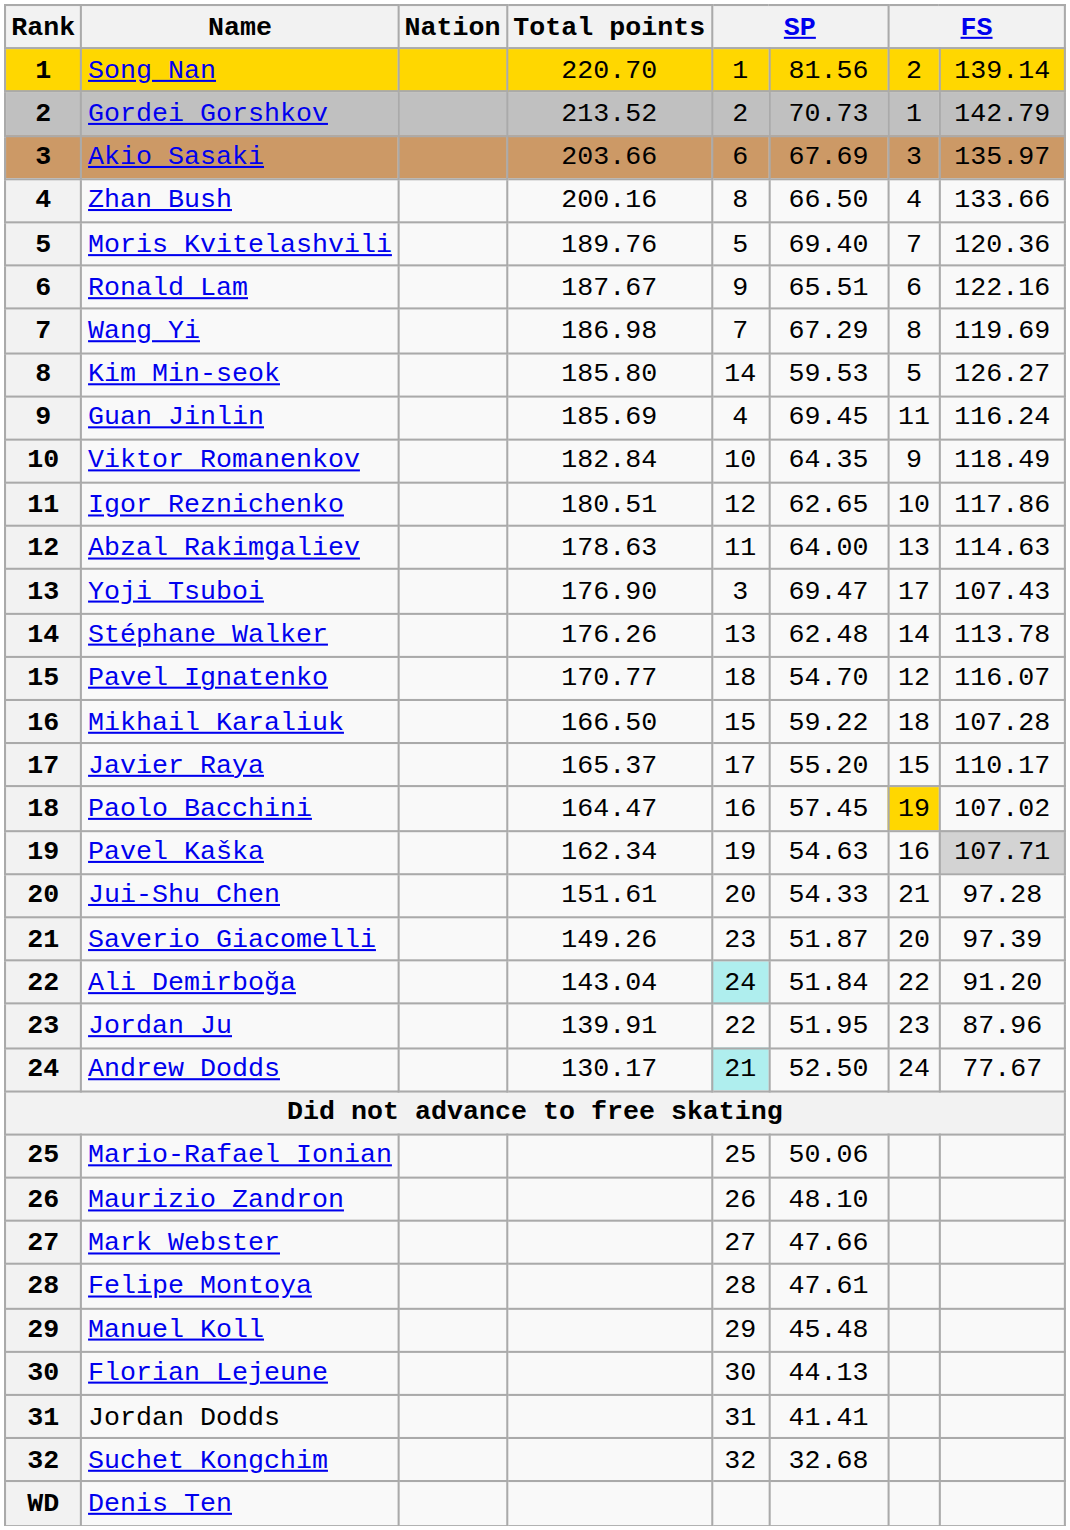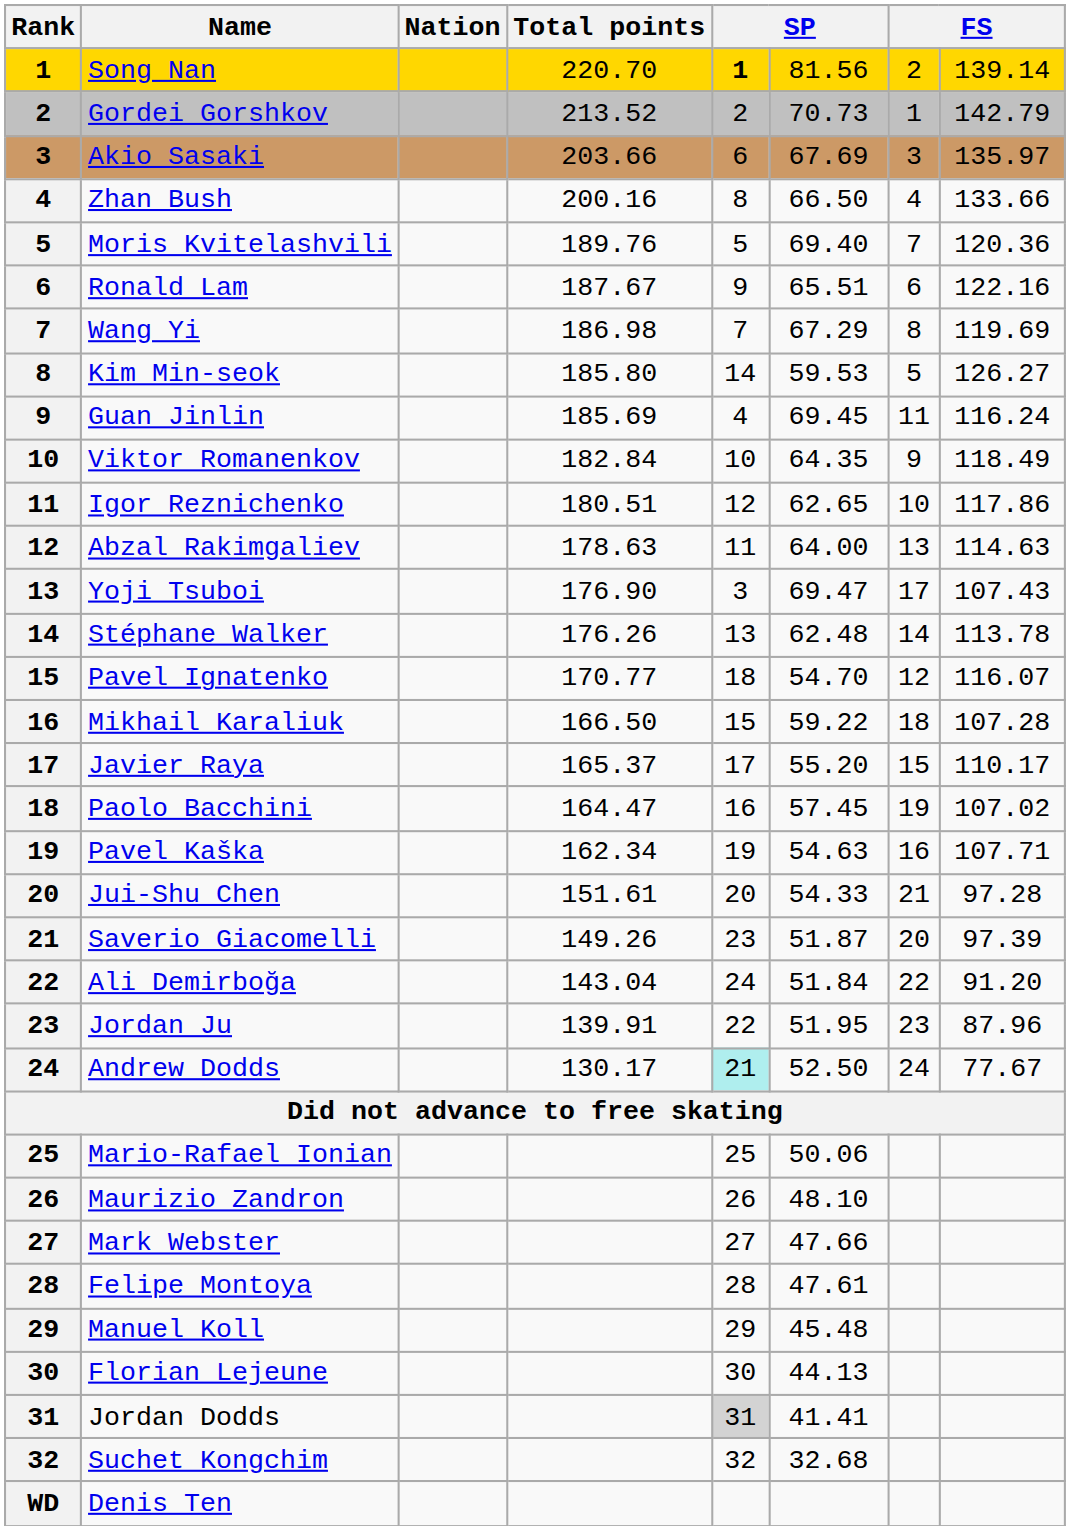 <table class="wikitable sortable">
 <tr>
 <th>Rank</th>
 <th>Name</th>
 <th>Nation</th>
 <th>Total points</th>
 <th colspan="2" width="80px"><a href='#'>SP</a></th>
 <th colspan="2" width="80px"><a href='#'>FS</a></th>
 </tr>
 <tr style="background-color: gold">
 <td style="text-align: center"><strong>1</strong></td>
 <td><a href='#'>Song Nan</a></td>
 <td></td>
 <td style="text-align: center">220.70</td>
-<td style="text-align: center">1</td>
+<td style="text-align: center"><strong>1</strong></td>
 <td style="text-align: center">81.56</td>
 <td style="text-align: center">2</td>
 <td style="text-align: center">139.14</td>
 </tr>
 <tr style="background-color: silver">
 <td style="text-align: center"><strong>2</strong></td>
 <td><a href='#'>Gordei Gorshkov</a></td>
 <td></td>
 <td style="text-align: center">213.52</td>
 <td style="text-align: center">2</td>
 <td style="text-align: center">70.73</td>
 <td style="text-align: center">1</td>
 <td style="text-align: center">142.79</td>
 </tr>
 <tr style="background-color: #cc9966">
 <td style="text-align: center"><strong>3</strong></td>
 <td><a href='#'>Akio Sasaki</a></td>
 <td></td>
 <td style="text-align: center">203.66</td>
 <td style="text-align: center">6</td>
 <td style="text-align: center">67.69</td>
 <td style="text-align: center">3</td>
 <td style="text-align: center">135.97</td>
 </tr>
 <tr>
 <th>4</th>
 <td><a href='#'>Zhan Bush</a></td>
 <td></td>
 <td style="text-align: center">200.16</td>
 <td style="text-align: center">8</td>
 <td style="text-align: center">66.50</td>
 <td style="text-align: center">4</td>
 <td style="text-align: center">133.66</td>
 </tr>
 <tr>
 <th>5</th>
 <td><a href='#'>Moris Kvitelashvili</a></td>
 <td></td>
 <td style="text-align: center">189.76</td>
 <td style="text-align: center">5</td>
 <td style="text-align: center">69.40</td>
 <td style="text-align: center">7</td>
 <td style="text-align: center">120.36</td>
 </tr>
 <tr>
 <th>6</th>
 <td><a href='#'>Ronald Lam</a></td>
 <td></td>
 <td style="text-align: center">187.67</td>
 <td style="text-align: center">9</td>
 <td style="text-align: center">65.51</td>
 <td style="text-align: center">6</td>
 <td style="text-align: center">122.16</td>
 </tr>
 <tr>
 <th>7</th>
 <td><a href='#'>Wang Yi</a></td>
 <td></td>
 <td style="text-align: center">186.98</td>
 <td style="text-align: center">7</td>
 <td style="text-align: center">67.29</td>
 <td style="text-align: center">8</td>
 <td style="text-align: center">119.69</td>
 </tr>
 <tr>
 <th>8</th>
 <td><a href='#'>Kim Min-seok</a></td>
 <td></td>
 <td style="text-align: center">185.80</td>
 <td style="text-align: center">14</td>
 <td style="text-align: center">59.53</td>
 <td style="text-align: center">5</td>
 <td style="text-align: center">126.27</td>
 </tr>
 <tr>
 <th>9</th>
 <td><a href='#'>Guan Jinlin</a></td>
 <td></td>
 <td style="text-align: center">185.69</td>
 <td style="text-align: center">4</td>
 <td style="text-align: center">69.45</td>
 <td style="text-align: center">11</td>
 <td style="text-align: center">116.24</td>
 </tr>
 <tr>
 <th>10</th>
 <td><a href='#'>Viktor Romanenkov</a></td>
 <td></td>
 <td style="text-align: center">182.84</td>
 <td style="text-align: center">10</td>
 <td style="text-align: center">64.35</td>
 <td style="text-align: center">9</td>
 <td style="text-align: center">118.49</td>
 </tr>
 <tr>
 <th>11</th>
 <td><a href='#'>Igor Reznichenko</a></td>
 <td></td>
 <td style="text-align: center">180.51</td>
 <td style="text-align: center">12</td>
 <td style="text-align: center">62.65</td>
 <td style="text-align: center">10</td>
 <td style="text-align: center">117.86</td>
 </tr>
 <tr>
 <th>12</th>
 <td><a href='#'>Abzal Rakimgaliev</a></td>
 <td></td>
 <td style="text-align: center">178.63</td>
 <td style="text-align: center">11</td>
 <td style="text-align: center">64.00</td>
 <td style="text-align: center">13</td>
 <td style="text-align: center">114.63</td>
 </tr>
 <tr>
 <th>13</th>
 <td><a href='#'>Yoji Tsuboi</a></td>
 <td></td>
 <td style="text-align: center">176.90</td>
 <td style="text-align: center">3</td>
 <td style="text-align: center">69.47</td>
 <td style="text-align: center">17</td>
 <td style="text-align: center">107.43</td>
 </tr>
 <tr>
 <th>14</th>
 <td><a href='#'>Stéphane Walker</a></td>
 <td></td>
 <td style="text-align: center">176.26</td>
 <td style="text-align: center">13</td>
 <td style="text-align: center">62.48</td>
 <td style="text-align: center">14</td>
 <td style="text-align: center">113.78</td>
 </tr>
 <tr>
 <th>15</th>
 <td><a href='#'>Pavel Ignatenko</a></td>
 <td></td>
 <td style="text-align: center">170.77</td>
 <td style="text-align: center">18</td>
 <td style="text-align: center">54.70</td>
 <td style="text-align: center">12</td>
 <td style="text-align: center">116.07</td>
 </tr>
 <tr>
 <th>16</th>
 <td><a href='#'>Mikhail Karaliuk</a></td>
 <td></td>
 <td style="text-align: center">166.50</td>
 <td style="text-align: center">15</td>
 <td style="text-align: center">59.22</td>
 <td style="text-align: center">18</td>
 <td style="text-align: center">107.28</td>
 </tr>
 <tr>
 <th>17</th>
 <td><a href='#'>Javier Raya</a></td>
 <td></td>
 <td style="text-align: center">165.37</td>
 <td style="text-align: center">17</td>
 <td style="text-align: center">55.20</td>
 <td style="text-align: center">15</td>
 <td style="text-align: center">110.17</td>
 </tr>
 <tr>
 <th>18</th>
 <td><a href='#'>Paolo Bacchini</a></td>
 <td></td>
 <td style="text-align: center">164.47</td>
 <td style="text-align: center">16</td>
 <td style="text-align: center">57.45</td>
-<td style="background: gold; text-align: center">19</td>
+<td style="text-align: center">19</td>
 <td style="text-align: center">107.02</td>
 </tr>
 <tr>
 <th>19</th>
 <td><a href='#'>Pavel Kaška</a></td>
 <td></td>
 <td style="text-align: center">162.34</td>
 <td style="text-align: center">19</td>
 <td style="text-align: center">54.63</td>
 <td style="text-align: center">16</td>
-<td style="background: lightgrey; text-align: center">107.71</td>
+<td style="text-align: center">107.71</td>
 </tr>
 <tr>
 <th>20</th>
 <td><a href='#'>Jui-Shu Chen</a></td>
 <td></td>
 <td style="text-align: center">151.61</td>
 <td style="text-align: center">20</td>
 <td style="text-align: center">54.33</td>
 <td style="text-align: center">21</td>
 <td style="text-align: center">97.28</td>
 </tr>
 <tr>
 <th>21</th>
 <td><a href='#'>Saverio Giacomelli</a></td>
 <td></td>
 <td style="text-align: center">149.26</td>
 <td style="text-align: center">23</td>
 <td style="text-align: center">51.87</td>
 <td style="text-align: center">20</td>
 <td style="text-align: center">97.39</td>
 </tr>
 <tr>
 <th>22</th>
 <td><a href='#'>Ali Demirboğa</a></td>
 <td></td>
 <td style="text-align: center">143.04</td>
-<td style="background: paleturquoise; text-align: center">24</td>
+<td style="text-align: center">24</td>
 <td style="text-align: center">51.84</td>
 <td style="text-align: center">22</td>
 <td style="text-align: center">91.20</td>
 </tr>
 <tr>
 <th>23</th>
 <td><a href='#'>Jordan Ju</a></td>
 <td></td>
 <td style="text-align: center">139.91</td>
 <td style="text-align: center">22</td>
 <td style="text-align: center">51.95</td>
 <td style="text-align: center">23</td>
 <td style="text-align: center">87.96</td>
 </tr>
 <tr>
 <th>24</th>
 <td><a href='#'>Andrew Dodds</a></td>
 <td></td>
 <td style="text-align: center">130.17</td>
 <td style="background: paleturquoise; text-align: center">21</td>
 <td style="text-align: center">52.50</td>
 <td style="text-align: center">24</td>
 <td style="text-align: center">77.67</td>
 </tr>
 <tr>
 <th colspan=8>Did not advance to free skating</th>
 </tr>
 <tr>
 <th>25</th>
 <td><a href='#'>Mario-Rafael Ionian</a></td>
 <td></td>
 <td></td>
 <td style="text-align: center">25</td>
 <td style="text-align: center">50.06</td>
 <td></td>
 <td></td>
 </tr>
 <tr>
 <th>26</th>
 <td><a href='#'>Maurizio Zandron</a></td>
 <td></td>
 <td></td>
 <td style="text-align: center">26</td>
 <td style="text-align: center">48.10</td>
 <td></td>
 <td></td>
 </tr>
 <tr>
 <th>27</th>
 <td><a href='#'>Mark Webster</a></td>
 <td></td>
 <td></td>
 <td style="text-align: center">27</td>
 <td style="text-align: center">47.66</td>
 <td></td>
 <td></td>
 </tr>
 <tr>
 <th>28</th>
 <td><a href='#'>Felipe Montoya</a></td>
 <td></td>
 <td></td>
 <td style="text-align: center">28</td>
 <td style="text-align: center">47.61</td>
 <td></td>
 <td></td>
 </tr>
 <tr>
 <th>29</th>
 <td><a href='#'>Manuel Koll</a></td>
 <td></td>
 <td></td>
 <td style="text-align: center">29</td>
 <td style="text-align: center">45.48</td>
 <td></td>
 <td></td>
 </tr>
 <tr>
 <th>30</th>
 <td><a href='#'>Florian Lejeune</a></td>
 <td></td>
 <td></td>
 <td style="text-align: center">30</td>
 <td style="text-align: center">44.13</td>
 <td></td>
 <td></td>
 </tr>
 <tr>
 <th>31</th>
 <td>Jordan Dodds</td>
 <td></td>
 <td></td>
-<td style="text-align: center">31</td>
+<td style="background: lightgrey; text-align: center">31</td>
 <td style="text-align: center">41.41</td>
 <td></td>
 <td></td>
 </tr>
 <tr>
 <th>32</th>
 <td><a href='#'>Suchet Kongchim</a></td>
 <td></td>
 <td></td>
 <td style="text-align: center">32</td>
 <td style="text-align: center">32.68</td>
 <td></td>
 <td></td>
 </tr>
 <tr>
 <th>WD</th>
 <td><a href='#'>Denis Ten</a></td>
 <td></td>
 <td></td>
 <td></td>
 <td></td>
 <td></td>
 <td></td>
 </tr>
 </table>
